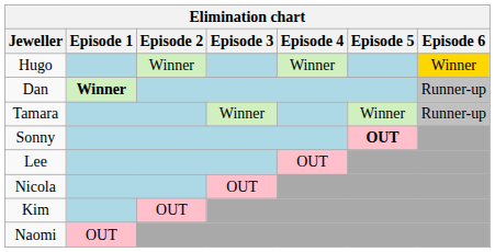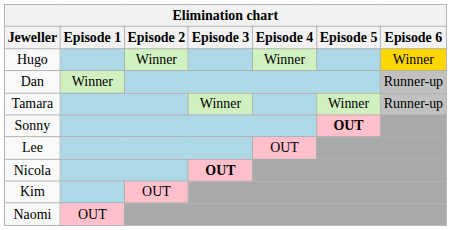 <table class="wikitable" style="text-align:center">
 <tr>
 <th colspan="8">Elimination chart</th>
 </tr>
 <tr>
 <th>Jeweller</th>
 <th>Episode 1</th>
 <th>Episode 2</th>
 <th>Episode 3</th>
 <th>Episode 4</th>
 <th>Episode 5</th>
 <th>Episode 6</th>
 </tr>
 <tr>
 <td>Hugo</td>
 <td style="background:Lightblue;"></td>
 <td style="background:#d0f0c0;">Winner</td>
 <td style="background:Lightblue;"></td>
 <td style="background:#d0f0c0;">Winner</td>
 <td style="background:Lightblue;"></td>
 <td style="background:Gold;">Winner</td>
 </tr>
 <tr>
 <td>Dan</td>
-<td style="background:#d0f0c0;"><strong>Winner</strong></td>
+<td style="background:#d0f0c0;">Winner</td>
 <td colspan="4" style="background:Lightblue;"></td>
 <td style="background:silver;">Runner-up</td>
 </tr>
 <tr>
 <td>Tamara</td>
 <td colspan="2" style="background:Lightblue;"></td>
 <td style="background:#d0f0c0;">Winner</td>
 <td style="background:Lightblue;"></td>
 <td style="background:#d0f0c0;">Winner</td>
 <td style="background:silver;">Runner-up</td>
 </tr>
 <tr>
 <td>Sonny</td>
 <td colspan="4" style="background:Lightblue;"></td>
 <td style="background:Pink;"><strong>OUT</strong></td>
 <td style="background:darkgrey;"></td>
 </tr>
 <tr>
 <td>Lee</td>
 <td colspan="3" style="background:Lightblue;"></td>
 <td style="background:Pink;">OUT</td>
 <td colspan=2 style="background:darkgrey;"></td>
 </tr>
 <tr>
 <td>Nicola</td>
 <td colspan="2" style="background:Lightblue;"></td>
-<td style="background:Pink;">OUT</td>
+<td style="background:Pink;"><strong>OUT</strong></td>
 <td colspan=3 style="background:darkgrey;"></td>
 </tr>
 <tr>
 <td>Kim</td>
 <td style="background:Lightblue;"></td>
 <td style="background:Pink;">OUT</td>
 <td colspan=4 style="background:darkgrey;"></td>
 </tr>
 <tr>
 <td>Naomi</td>
 <td style="background:Pink;">OUT</td>
 <td colspan=5 style="background:darkgrey;"></td>
 </tr>
 </table>
